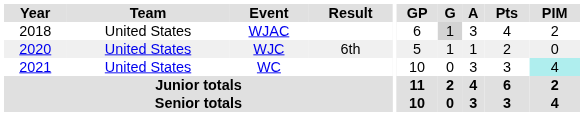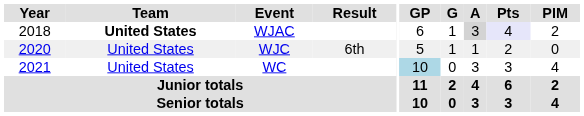 <table border="0" cellpadding="1" cellspacing="0" ID="Table3" style="text-align:center; width:40em">
 <tr ALIGN="centre" bgcolor="#e0e0e0">
 <th>Year</th>
 <th>Team</th>
 <th>Event</th>
 <th>Result</th>
 <th rowspan="99" bgcolor="#ffffff"></th>
 <th>GP</th>
 <th>G</th>
 <th>A</th>
 <th>Pts</th>
 <th>PIM</th>
 </tr>
 <tr>
 <td>2018</td>
-<td>United States</td>
+<td><strong>United States</strong></td>
 <td><a href='#'>WJAC</a></td>
 <td></td>
 <td>6</td>
-<td style="background: lightgrey;">1</td>
-<td>3</td>
-<td>4</td>
+<td>1</td>
+<td style="background: lightgrey;">3</td>
+<td style="background: lavender;">4</td>
 <td>2</td>
 </tr>
 <tr bgcolor="#f0f0f0">
 <td><a href='#'>2020</a></td>
 <td><a href='#'>United States</a></td>
 <td><a href='#'>WJC</a></td>
 <td>6th</td>
 <td>5</td>
 <td>1</td>
 <td>1</td>
 <td>2</td>
 <td>0</td>
 </tr>
 <tr>
 <td><a href='#'>2021</a></td>
 <td><a href='#'>United States</a></td>
 <td><a href='#'>WC</a></td>
 <td></td>
-<td>10</td>
+<td style="background: lightblue;">10</td>
 <td>0</td>
 <td>3</td>
 <td>3</td>
-<td style="background: paleturquoise;">4</td>
+<td>4</td>
 </tr>
 <tr ALIGN="centre" bgcolor="#e0e0e0">
 <th colspan=4>Junior totals</th>
 <th>11</th>
 <th>2</th>
 <th>4</th>
 <th>6</th>
 <th>2</th>
 </tr>
 <tr ALIGN="centre" bgcolor="#e0e0e0">
 <th colspan=4>Senior totals</th>
 <th>10</th>
 <th>0</th>
 <th>3</th>
 <th>3</th>
 <th>4</th>
 </tr>
 </table>
